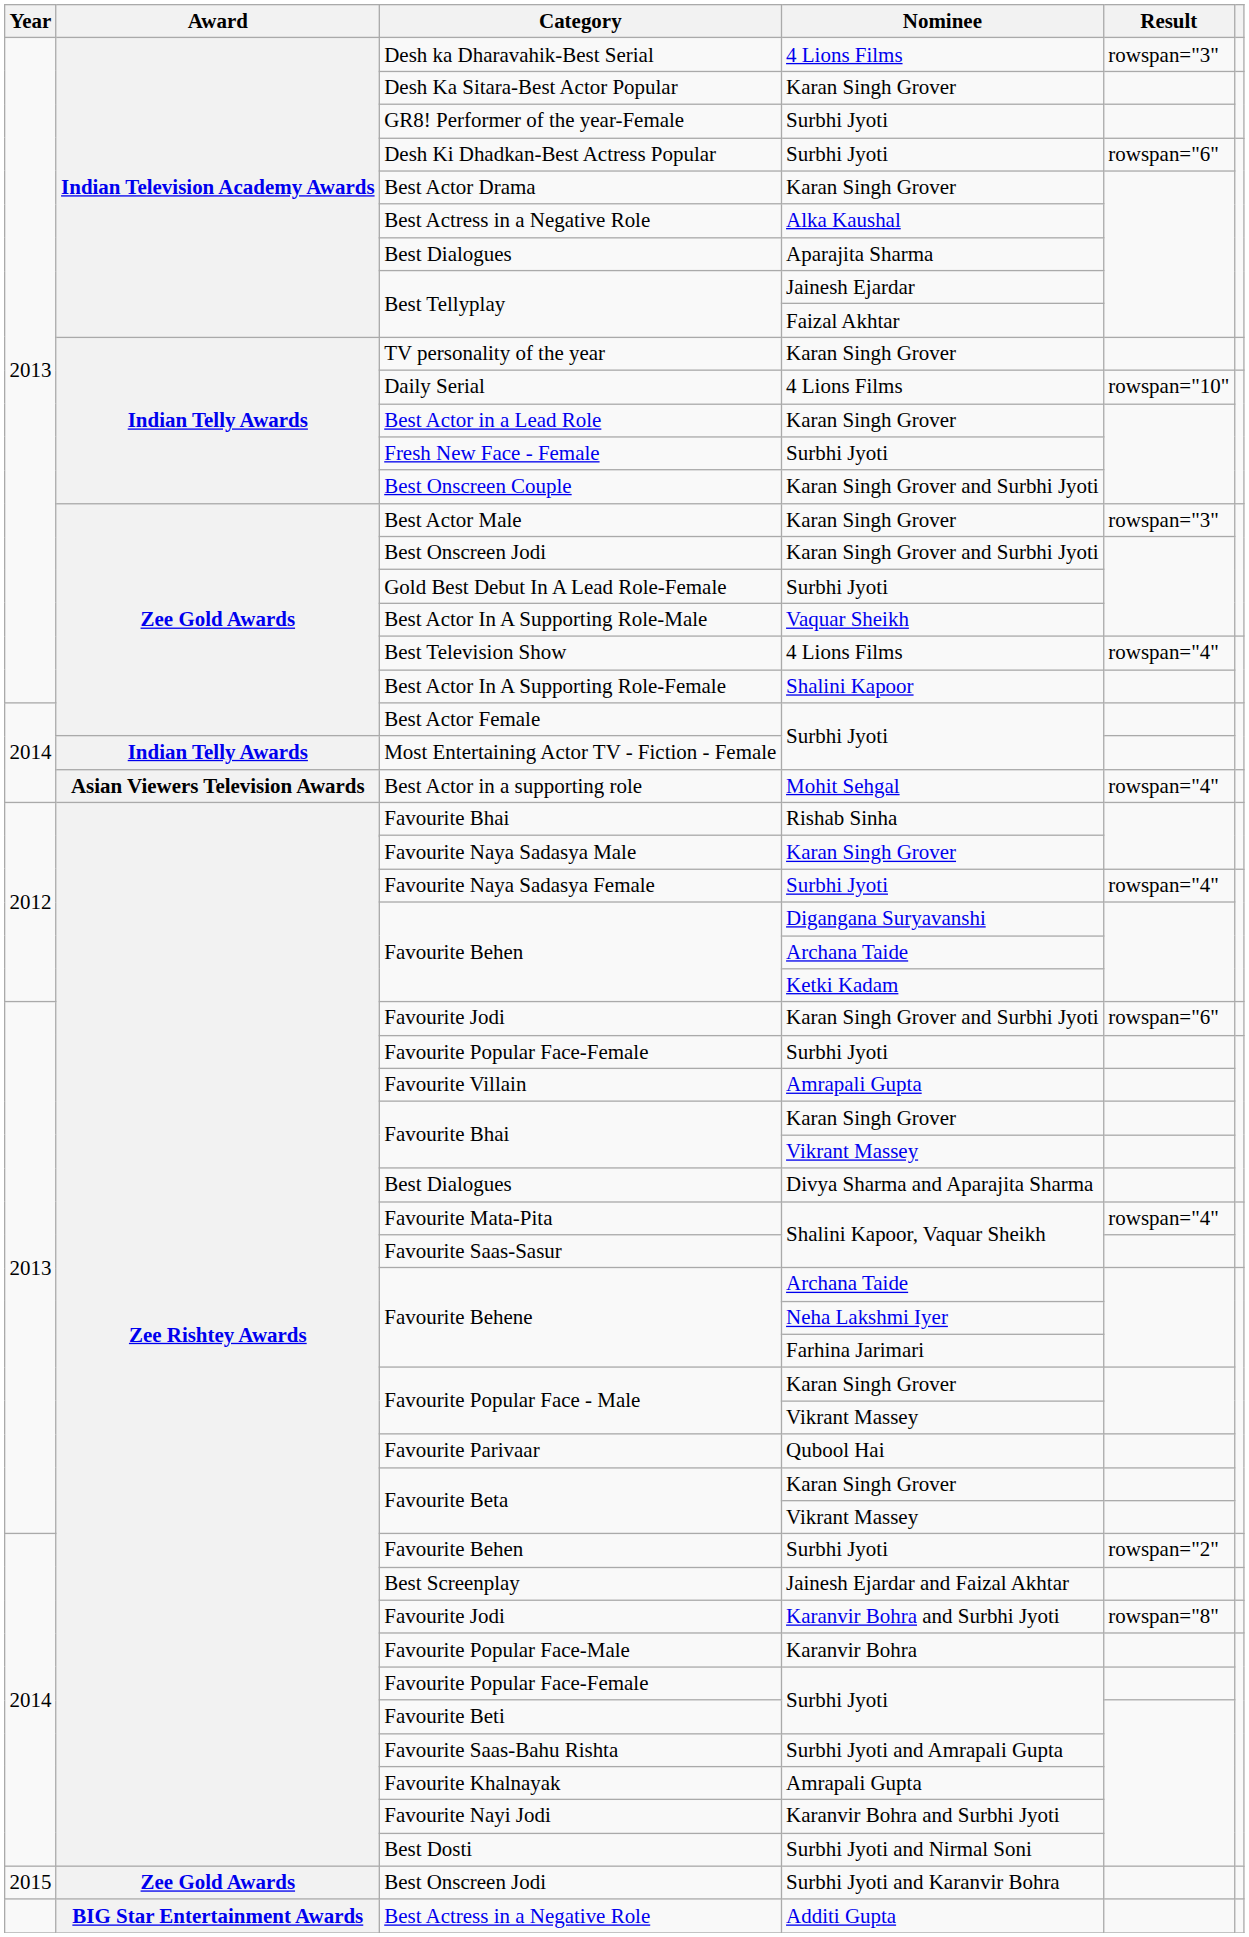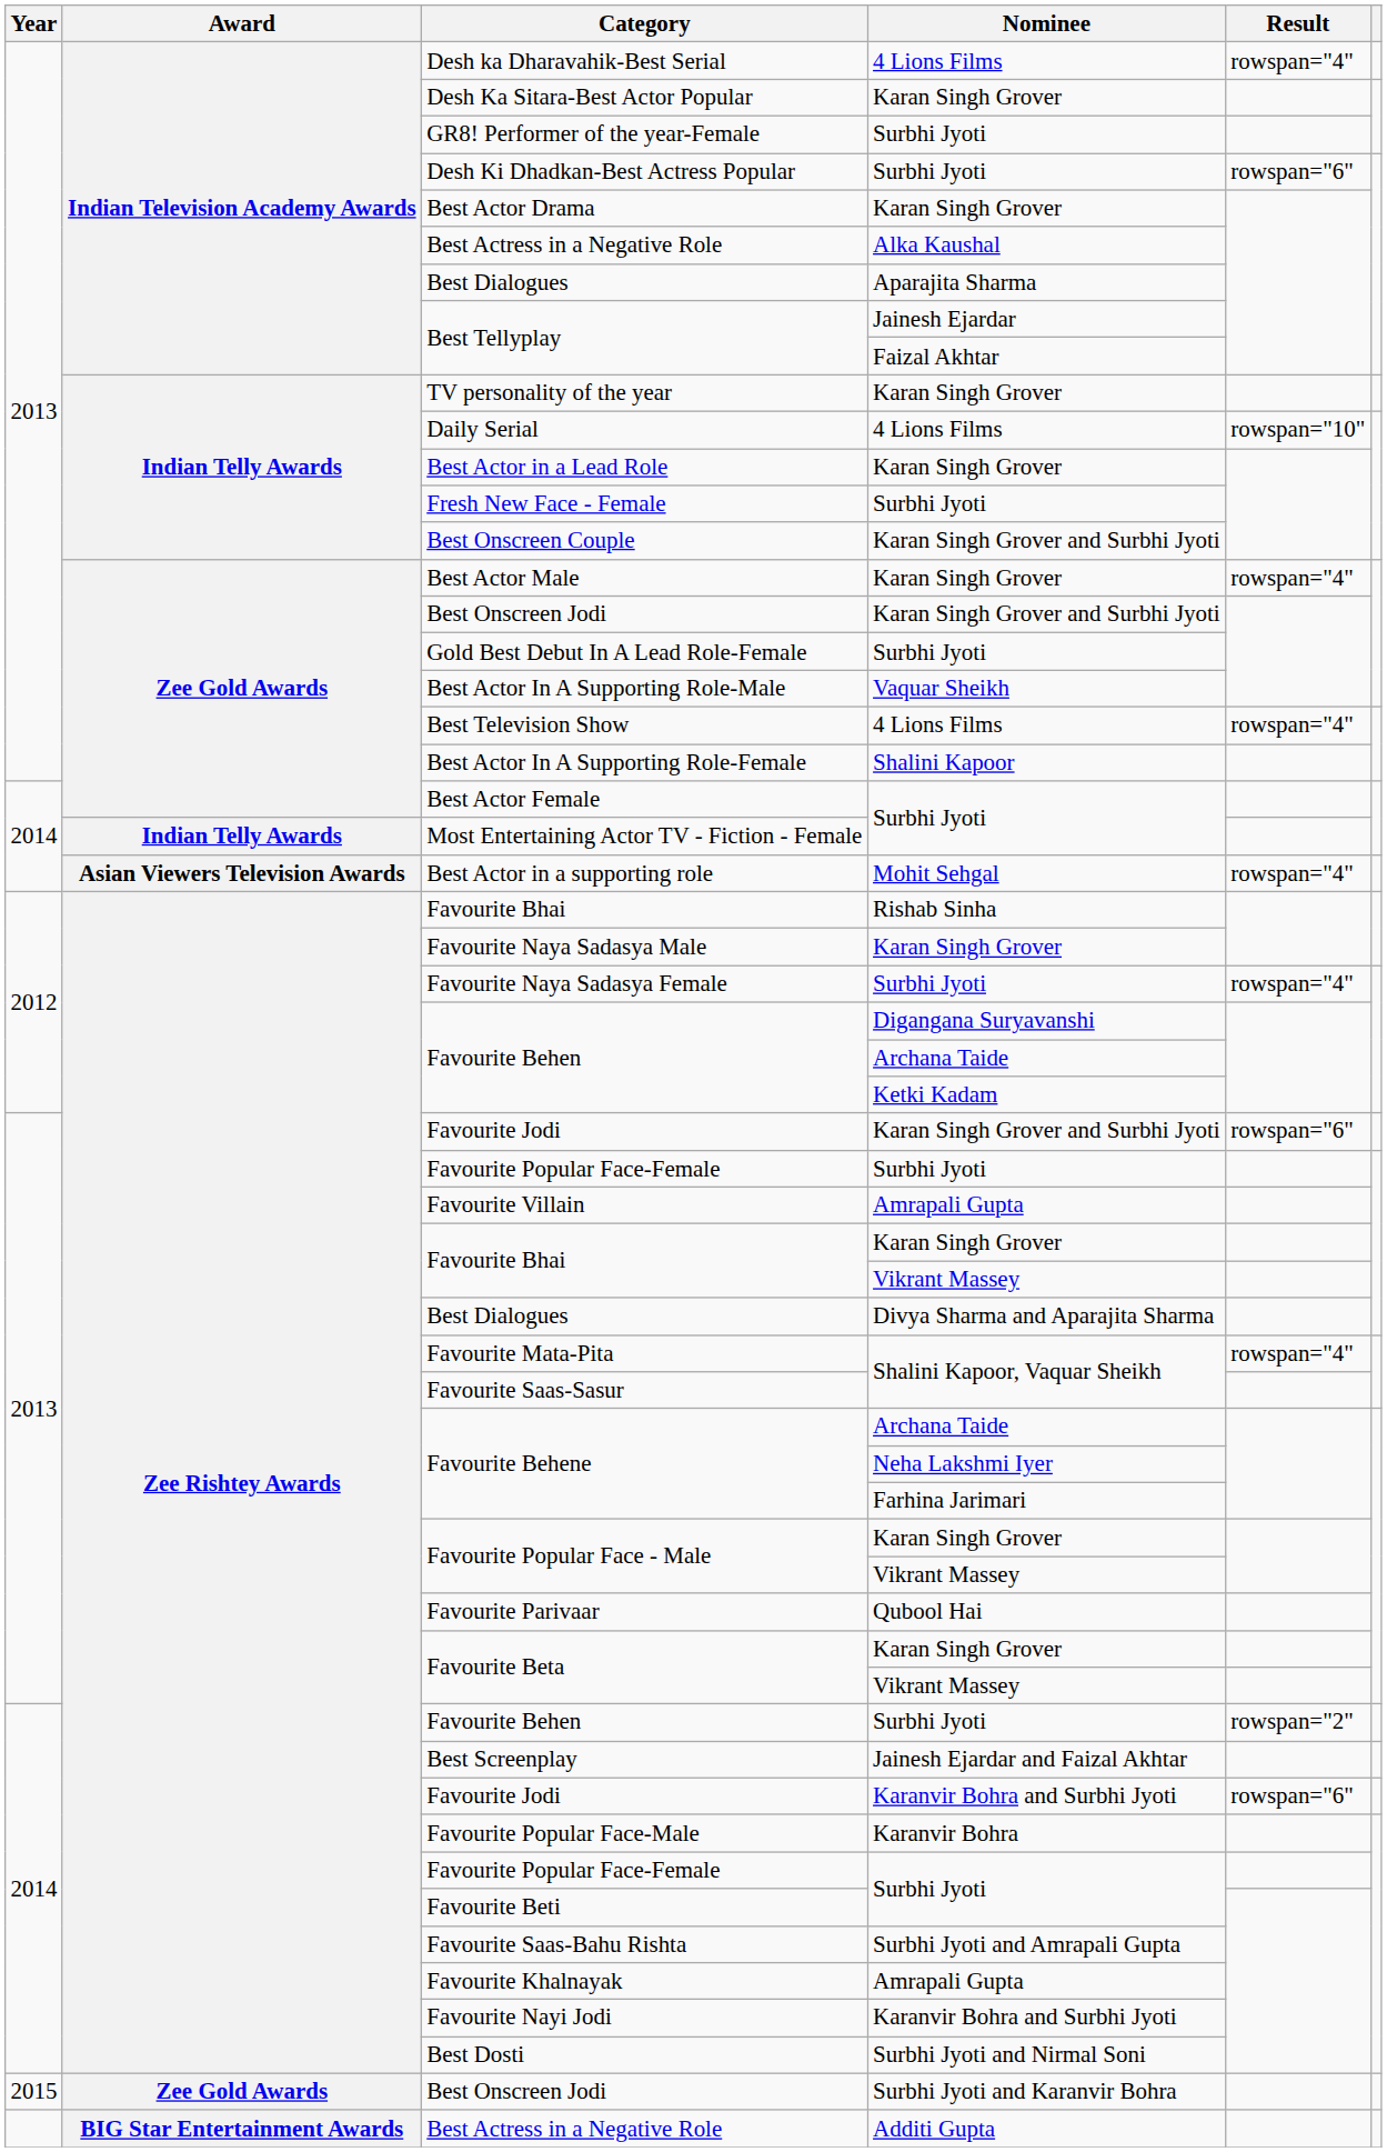 <table class="wikitable plainrowheaders sortable">
 <tr>
 <th scope="col">Year</th>
 <th scope="col">Award</th>
 <th scope="col">Category</th>
 <th scope="col">Nominee</th>
 <th scope="col">Result</th>
 <th scope="col" class="unsortable"></th>
 </tr>
 <tr>
 <td rowspan="20">2013</td>
 <th scope="row" rowspan="9"><a href='#'>Indian Television Academy Awards</a></th>
 <td>Desh ka Dharavahik-Best Serial</td>
 <td><a href='#'>4 Lions Films</a></td>
-<td>rowspan="3" </td>
+<td>rowspan="4" </td>
 <td style="text-align:center;"></td>
 </tr>
 <tr>
 <td>Desh Ka Sitara-Best Actor Popular</td>
 <td>Karan Singh Grover</td>
 <td style="text-align:center;"></td>
 </tr>
 <tr>
 <td>GR8! Performer of the year-Female</td>
 <td>Surbhi Jyoti</td>
 <td style="text-align:center;"></td>
 </tr>
 <tr>
 <td>Desh Ki Dhadkan-Best Actress Popular</td>
 <td>Surbhi Jyoti</td>
 <td>rowspan="6" </td>
 <td style="text-align:center;" rowspan="6"></td>
 </tr>
 <tr>
 <td>Best Actor Drama</td>
 <td>Karan Singh Grover</td>
 </tr>
 <tr>
 <td>Best Actress in a Negative Role</td>
 <td><a href='#'>Alka Kaushal</a></td>
 </tr>
 <tr>
 <td>Best Dialogues</td>
 <td>Aparajita Sharma</td>
 </tr>
 <tr>
 <td rowspan="2">Best Tellyplay</td>
 <td>Jainesh Ejardar</td>
 </tr>
 <tr>
 <td>Faizal Akhtar</td>
 </tr>
 <tr>
 <th scope="row" rowspan="5"><a href='#'>Indian Telly Awards</a></th>
 <td>TV personality of the year</td>
 <td>Karan Singh Grover</td>
 <td></td>
 <td style="text-align:center;"></td>
 </tr>
 <tr>
 <td>Daily Serial</td>
 <td>4 Lions Films</td>
 <td>rowspan="10" </td>
 <td style="text-align:center;" rowspan="4"></td>
 </tr>
 <tr>
 <td><a href='#'>Best Actor in a Lead Role</a></td>
 <td>Karan Singh Grover</td>
 </tr>
 <tr>
 <td><a href='#'>Fresh New Face - Female</a></td>
 <td>Surbhi Jyoti</td>
 </tr>
 <tr>
 <td><a href='#'>Best Onscreen Couple</a></td>
 <td>Karan Singh Grover and Surbhi Jyoti</td>
 </tr>
 <tr>
 <th scope="row" rowspan="7"><a href='#'>Zee Gold Awards</a></th>
 <td>Best Actor Male</td>
 <td>Karan Singh Grover</td>
-<td>rowspan="3" </td>
+<td>rowspan="4" </td>
 <td style="text-align:center;" rowspan="4"></td>
 </tr>
 <tr>
 <td>Best Onscreen Jodi</td>
 <td>Karan Singh Grover and Surbhi Jyoti</td>
 </tr>
 <tr>
 <td>Gold Best Debut In A Lead Role-Female</td>
 <td>Surbhi Jyoti</td>
 </tr>
 <tr>
 <td>Best Actor In A Supporting Role-Male</td>
 <td><a href='#'>Vaquar Sheikh</a></td>
 </tr>
 <tr>
 <td>Best Television Show</td>
 <td>4 Lions Films</td>
 <td>rowspan="4" </td>
 <td style="text-align:center;" rowspan="2"></td>
 </tr>
 <tr>
 <td>Best Actor In A Supporting Role-Female</td>
 <td><a href='#'>Shalini Kapoor</a></td>
 </tr>
 <tr>
 <td rowspan="3">2014</td>
 <td>Best Actor Female</td>
 <td rowspan="2">Surbhi Jyoti</td>
 <td style="text-align:center;"></td>
 </tr>
 <tr>
 <th scope="row"><a href='#'>Indian Telly Awards</a></th>
 <td>Most Entertaining Actor TV - Fiction - Female</td>
 <td style="text-align:center;"></td>
 </tr>
 <tr>
 <th scope="row">Asian Viewers Television Awards</th>
 <td>Best Actor in a supporting role</td>
 <td><a href='#'>Mohit Sehgal</a></td>
 <td>rowspan="4" </td>
 <td style="text-align:center;"></td>
 </tr>
 <tr>
 <td rowspan="7">2012</td>
 <th scope="row" rowspan="33"><a href='#'>Zee Rishtey Awards</a></th>
 <td rowspan="2">Favourite Bhai</td>
 <td>Rishab Sinha</td>
 <td style="text-align:center;" rowspan="3"></td>
 </tr>
 <tr>
 <td rowspan="2"><a href='#'>Karan Singh Grover</a></td>
 </tr>
 <tr>
 <td>Favourite Naya Sadasya Male</td>
 </tr>
 <tr>
 <td>Favourite Naya Sadasya Female</td>
 <td><a href='#'>Surbhi Jyoti</a></td>
 <td>rowspan="4" </td>
 <td style="text-align:center;" rowspan="4"></td>
 </tr>
 <tr>
 <td rowspan="3">Favourite Behen</td>
 <td><a href='#'>Digangana Suryavanshi</a></td>
 </tr>
 <tr>
 <td><a href='#'>Archana Taide</a></td>
 </tr>
 <tr>
 <td><a href='#'>Ketki Kadam</a></td>
 </tr>
 <tr>
 <td rowspan="16">2013</td>
 <td>Favourite Jodi</td>
 <td>Karan Singh Grover and Surbhi Jyoti</td>
 <td>rowspan="6" </td>
 <td style="text-align:center;"></td>
 </tr>
 <tr>
 <td>Favourite Popular Face-Female</td>
 <td>Surbhi Jyoti</td>
 <td style="text-align:center;"></td>
 </tr>
 <tr>
 <td>Favourite Villain</td>
 <td><a href='#'>Amrapali Gupta</a></td>
 <td style="text-align:center;"></td>
 </tr>
 <tr>
 <td rowspan="2">Favourite Bhai</td>
 <td>Karan Singh Grover</td>
 <td style="text-align:center;"></td>
 </tr>
 <tr>
 <td><a href='#'>Vikrant Massey</a></td>
 <td style="text-align:center;"></td>
 </tr>
 <tr>
 <td>Best Dialogues</td>
 <td>Divya Sharma and Aparajita Sharma</td>
 <td style="text-align:center;"></td>
 </tr>
 <tr>
 <td>Favourite Mata-Pita</td>
 <td rowspan="2">Shalini Kapoor, Vaquar Sheikh</td>
 <td>rowspan="4" </td>
 <td style="text-align:center;" rowspan="2"></td>
 </tr>
 <tr>
 <td>Favourite Saas-Sasur</td>
 </tr>
 <tr>
 <td rowspan="3">Favourite Behene</td>
 <td><a href='#'>Archana Taide</a></td>
 <td style="text-align:center;" rowspan="3"></td>
 </tr>
 <tr>
 <td><a href='#'>Neha Lakshmi Iyer</a></td>
 </tr>
 <tr>
 <td>Farhina Jarimari</td>
 </tr>
 <tr>
 <td rowspan="2">Favourite Popular Face - Male</td>
 <td>Karan Singh Grover</td>
 <td style="text-align:center;" rowspan="2"></td>
 </tr>
 <tr>
 <td>Vikrant Massey</td>
 </tr>
 <tr>
 <td>Favourite Parivaar</td>
 <td>Qubool Hai</td>
 <td style="text-align:center;"></td>
 </tr>
 <tr>
 <td rowspan="2">Favourite Beta</td>
 <td>Karan Singh Grover</td>
 <td style="text-align:center;"></td>
 </tr>
 <tr>
 <td>Vikrant Massey</td>
 <td style="text-align:center;"></td>
 </tr>
 <tr>
 <td rowspan="10">2014</td>
 <td>Favourite Behen</td>
 <td>Surbhi Jyoti</td>
 <td>rowspan="2" </td>
 <td style="text-align:center;"></td>
 </tr>
 <tr>
 <td>Best Screenplay</td>
 <td>Jainesh Ejardar and Faizal Akhtar</td>
 <td style="text-align:center;"></td>
 </tr>
 <tr>
 <td>Favourite Jodi</td>
 <td><a href='#'>Karanvir Bohra</a> and Surbhi Jyoti</td>
-<td>rowspan="8" </td>
+<td>rowspan="6" </td>
 <td style="text-align:center;"></td>
 </tr>
 <tr>
 <td>Favourite Popular Face-Male</td>
 <td>Karanvir Bohra</td>
 <td style="text-align:center;"></td>
 </tr>
 <tr>
 <td>Favourite Popular Face-Female</td>
 <td rowspan="2">Surbhi Jyoti</td>
 <td style="text-align:center;"></td>
 </tr>
 <tr>
 <td>Favourite Beti</td>
 <td style="text-align:center;" rowspan="5"></td>
 </tr>
 <tr>
 <td>Favourite Saas-Bahu Rishta</td>
 <td>Surbhi Jyoti and Amrapali Gupta</td>
 </tr>
 <tr>
 <td>Favourite Khalnayak</td>
 <td>Amrapali Gupta</td>
 </tr>
 <tr>
 <td>Favourite Nayi Jodi</td>
 <td>Karanvir Bohra and Surbhi Jyoti</td>
 </tr>
 <tr>
 <td>Best Dosti</td>
 <td>Surbhi Jyoti and Nirmal Soni</td>
 </tr>
 <tr>
 <td>2015</td>
 <th scope="row"><a href='#'>Zee Gold Awards</a></th>
 <td>Best Onscreen Jodi</td>
 <td>Surbhi Jyoti and Karanvir Bohra</td>
 <td></td>
 <td style="text-align:center;"></td>
 </tr>
 <tr>
 <td></td>
 <th scope="row"><a href='#'>BIG Star Entertainment Awards</a></th>
 <td><a href='#'>Best Actress in a Negative Role</a></td>
 <td><a href='#'>Additi Gupta</a></td>
 <td></td>
 <td style="text-align:center;"></td>
 </tr>
 </table>
